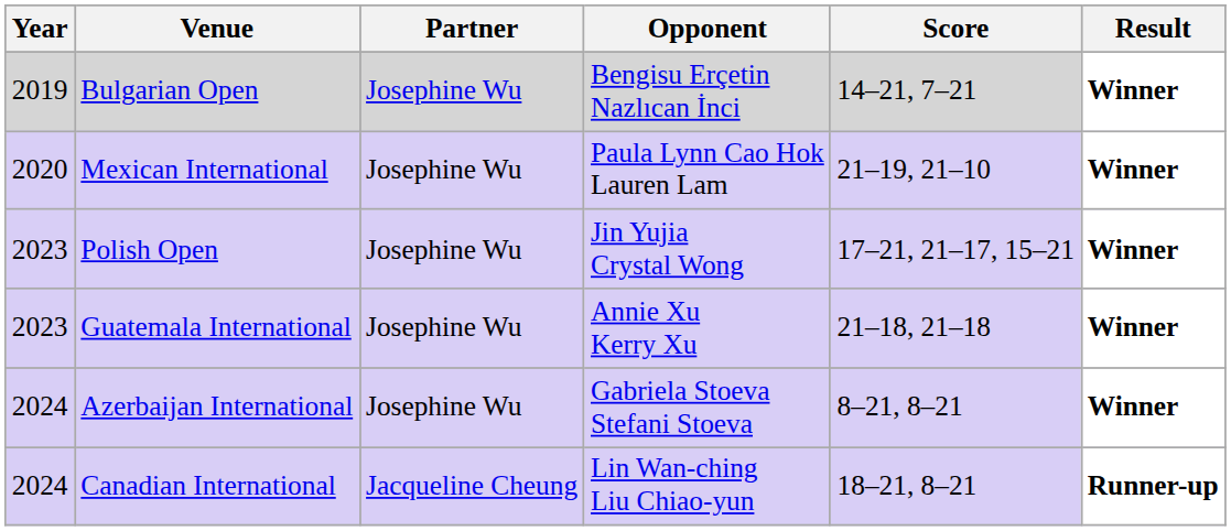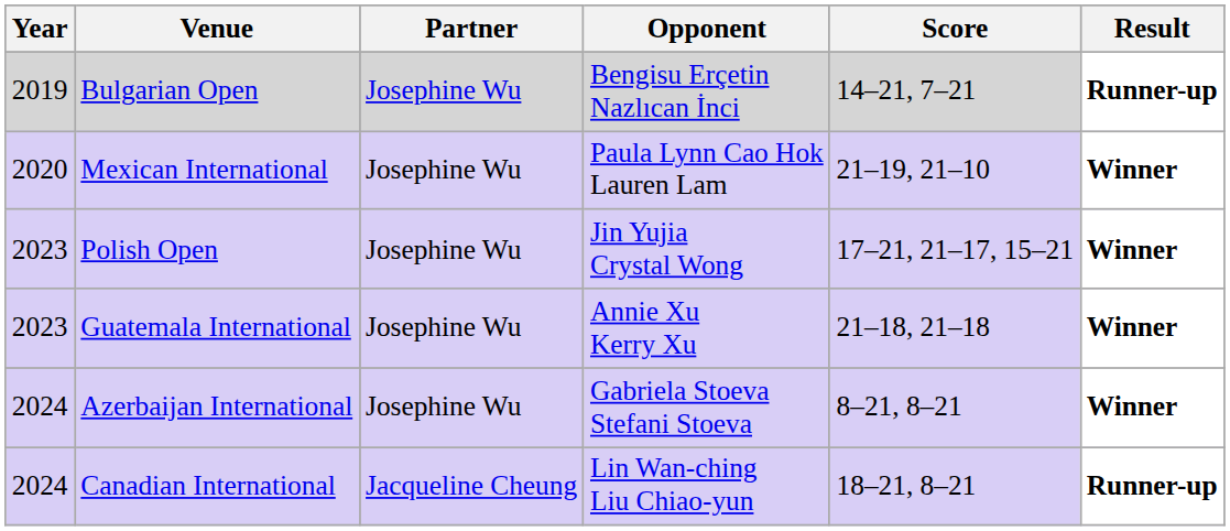 <table class="sortable wikitable" style="font-size: 90%;">
 <tr>
 <th>Year</th>
 <th>Venue</th>
 <th>Partner</th>
 <th>Opponent</th>
 <th>Score</th>
 <th>Result</th>
 </tr>
 <tr style="background:#D5D5D5">
 <td align="center">2019</td>
 <td align="left"><a href='#'>Bulgarian Open</a></td>
 <td align="left"> <a href='#'>Josephine Wu</a></td>
 <td align="left"> <a href='#'>Bengisu Erçetin</a><br> <a href='#'>Nazlıcan İnci</a></td>
 <td align="left">14–21, 7–21</td>
-<td style="text-align:left; background:white"> <strong>Winner</strong></td>
+<td style="text-align:left; background:white"> <strong>Runner-up</strong></td>
 </tr>
 <tr style="background:#D8CEF6">
 <td align="center">2020</td>
 <td align="left"><a href='#'>Mexican International</a></td>
 <td align="left"> Josephine Wu</td>
 <td align="left"> <a href='#'>Paula Lynn Cao Hok</a><br> Lauren Lam</td>
 <td align="left">21–19, 21–10</td>
 <td style="text-align:left; background:white"> <strong>Winner</strong></td>
 </tr>
 <tr style="background:#D8CEF6">
 <td align="center">2023</td>
 <td align="left"><a href='#'>Polish Open</a></td>
 <td align="left"> Josephine Wu</td>
 <td align="left"> <a href='#'>Jin Yujia</a><br> <a href='#'>Crystal Wong</a></td>
 <td align="left">17–21, 21–17, 15–21</td>
 <td style="text-align:left; background:white"> <strong>Winner</strong></td>
 </tr>
 <tr style="background:#D8CEF6">
 <td align="center">2023</td>
 <td align="left"><a href='#'>Guatemala International</a></td>
 <td align="left"> Josephine Wu</td>
 <td align="left"> <a href='#'>Annie Xu</a><br> <a href='#'>Kerry Xu</a></td>
 <td align="left">21–18, 21–18</td>
 <td style="text-align:left; background:white"> <strong>Winner</strong></td>
 </tr>
 <tr style="background:#D8CEF6">
 <td align="center">2024</td>
 <td align="left"><a href='#'>Azerbaijan International</a></td>
 <td align="left"> Josephine Wu</td>
 <td align="left"> <a href='#'>Gabriela Stoeva</a><br> <a href='#'>Stefani Stoeva</a></td>
 <td align="left">8–21, 8–21</td>
 <td style="text-align:left; background:white"> <strong>Winner</strong></td>
 </tr>
 <tr style="background:#D8CEF6">
 <td align="center">2024</td>
 <td align="left"><a href='#'>Canadian International</a></td>
 <td align="left"> <a href='#'>Jacqueline Cheung</a></td>
 <td align="left"> <a href='#'>Lin Wan-ching</a><br> <a href='#'>Liu Chiao-yun</a></td>
 <td align="left">18–21, 8–21</td>
 <td style="text-align:left; background:white"> <strong>Runner-up</strong></td>
 </tr>
 </table>
